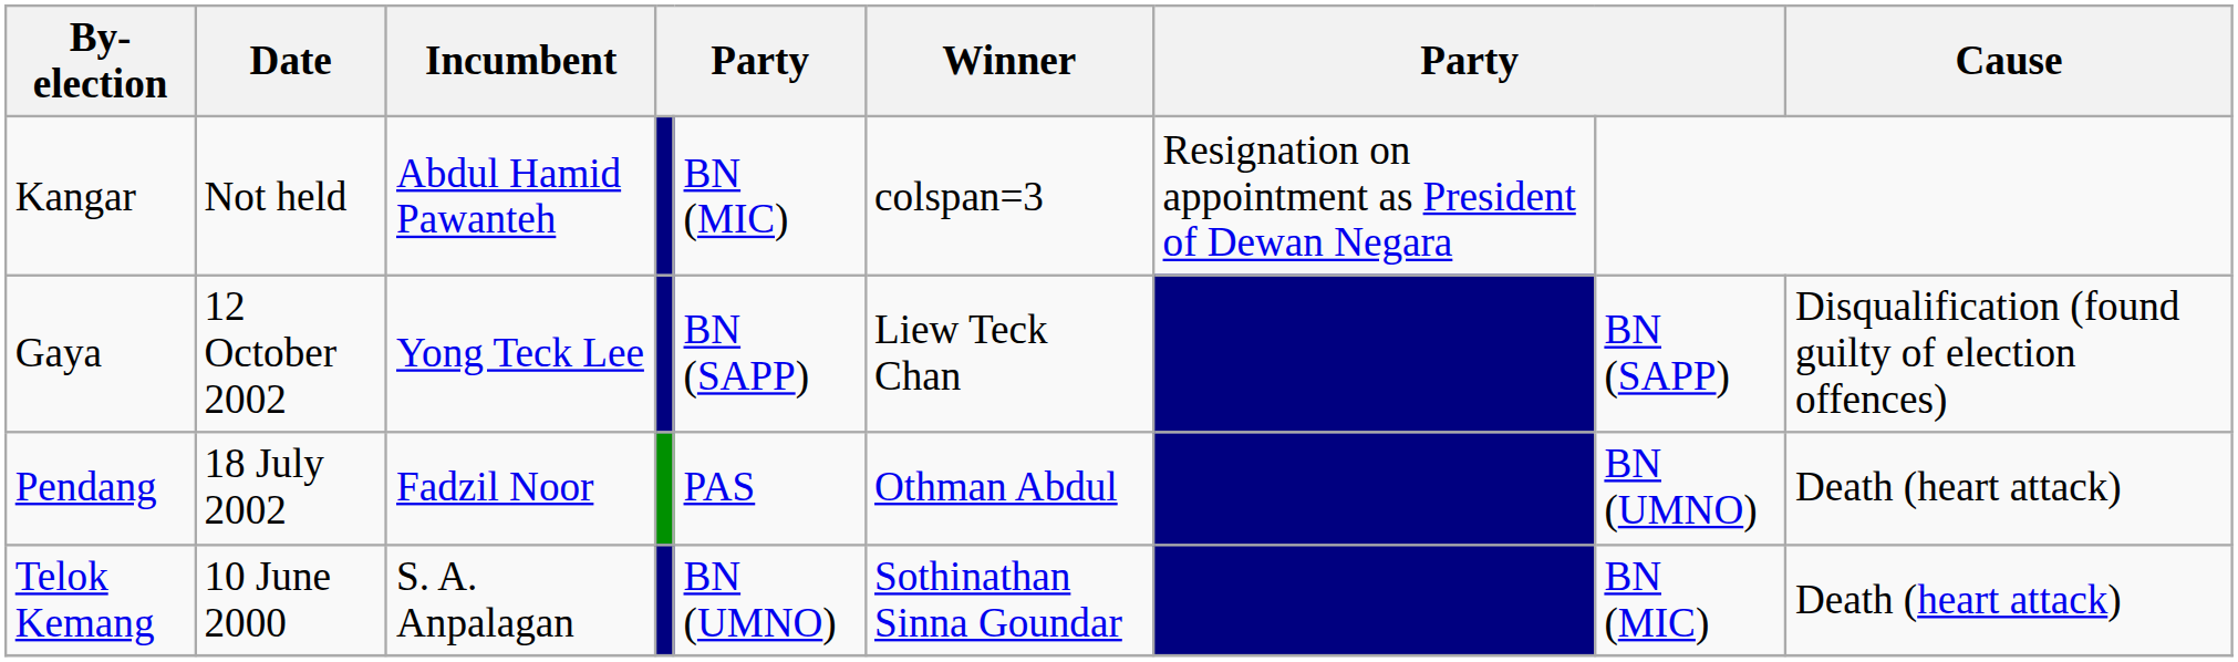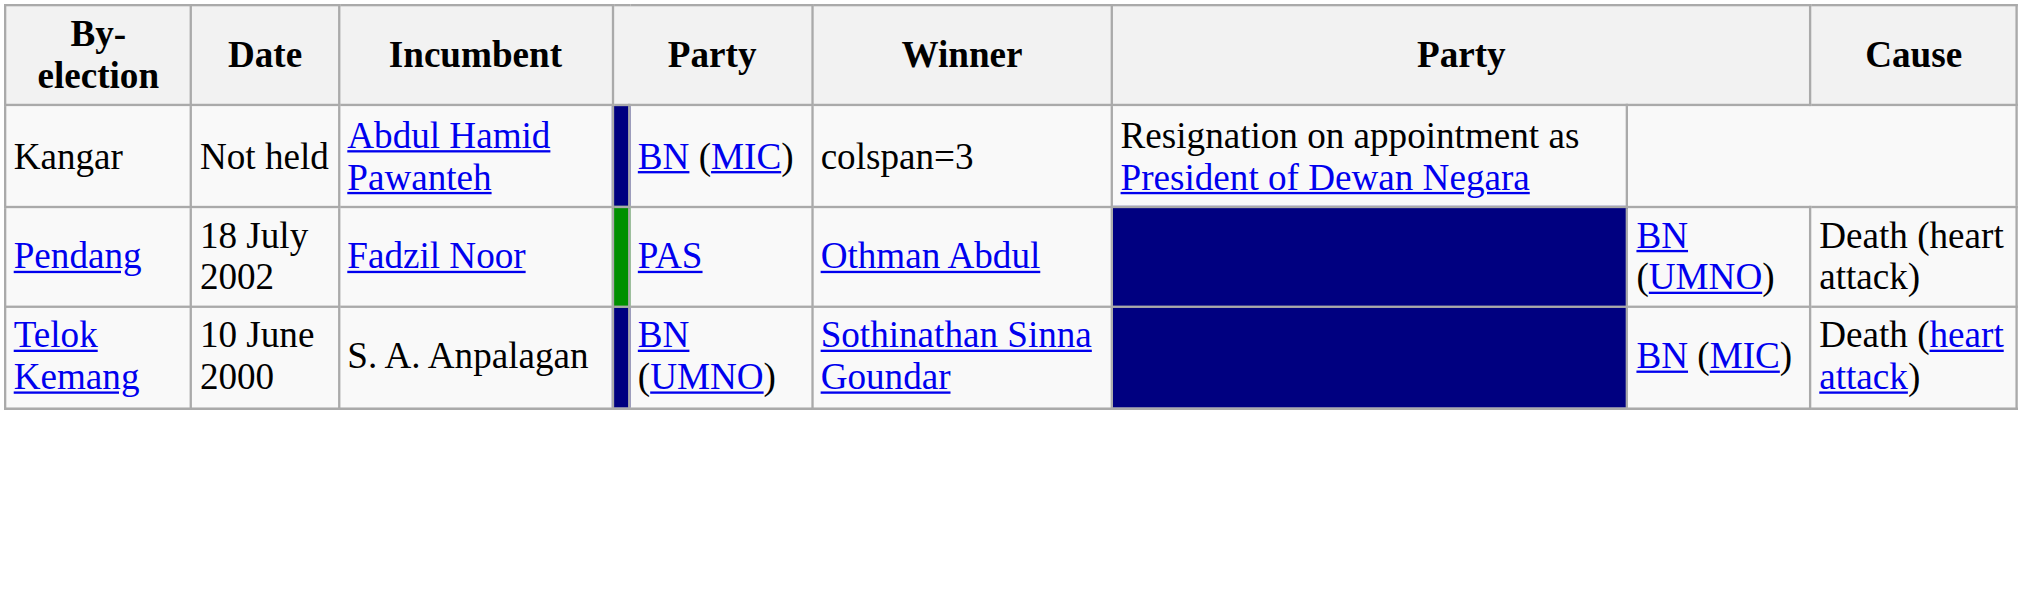 <table class="wikitable">
 <tr>
 <th>By-election</th>
 <th>Date</th>
 <th>Incumbent</th>
 <th colspan=2>Party</th>
 <th>Winner</th>
 <th colspan=2>Party</th>
 <th>Cause</th>
 </tr>
 <tr>
 <td>Kangar</td>
 <td>Not held</td>
 <td><a href='#'>Abdul Hamid Pawanteh</a></td>
 <td bgcolor=#000080></td>
 <td><a href='#'>BN</a> (<a href='#'>MIC</a>)</td>
 <td>colspan=3 </td>
 <td>Resignation on appointment as <a href='#'>President of Dewan Negara</a></td>
-</tr>
-<tr>
-<td>Gaya</td>
-<td>12 October 2002</td>
-<td><a href='#'>Yong Teck Lee</a></td>
-<td bgcolor=#000080></td>
-<td><a href='#'>BN</a> (<a href='#'>SAPP</a>)</td>
-<td>Liew Teck Chan</td>
-<td bgcolor=#000080></td>
-<td><a href='#'>BN</a> (<a href='#'>SAPP</a>)</td>
-<td>Disqualification (found guilty of election offences)</td>
 </tr>
 <tr>
 <td><a href='#'>Pendang</a></td>
 <td>18 July 2002</td>
 <td><a href='#'>Fadzil Noor</a></td>
 <td bgcolor=#009000></td>
 <td><a href='#'>PAS</a></td>
 <td><a href='#'>Othman Abdul</a></td>
 <td bgcolor=#000080></td>
 <td><a href='#'>BN</a> (<a href='#'>UMNO</a>)</td>
 <td>Death (heart attack)</td>
 </tr>
 <tr>
 <td><a href='#'>Telok Kemang</a></td>
 <td>10 June 2000</td>
 <td>S. A. Anpalagan</td>
 <td bgcolor=#000080></td>
 <td><a href='#'>BN</a> (<a href='#'>UMNO</a>)</td>
 <td><a href='#'>Sothinathan Sinna Goundar</a></td>
 <td bgcolor=#000080></td>
 <td><a href='#'>BN</a> (<a href='#'>MIC</a>)</td>
 <td>Death (<a href='#'>heart attack</a>)</td>
 </tr>
 <tr>
 </tr>
 </table>
